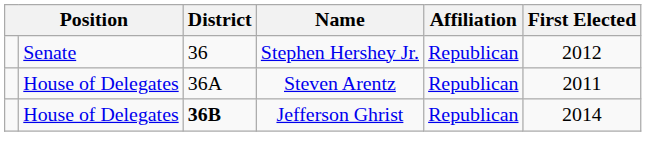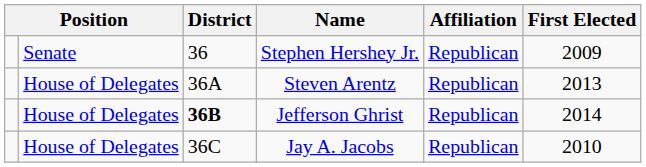 <table class="wikitable">
 <tr>
 <th colspan="2" style="text-align:center; vertical-align:bottom;">Position</th>
 <th>District</th>
 <th style="text-align:center;">Name</th>
 <th valign="bottom">Affiliation</th>
 <th style="vertical-align:bottom; text-align:center;">First Elected</th>
 </tr>
 <tr>
 <td style="background-color:"> </td>
 <td><a href='#'>Senate</a></td>
 <td>36</td>
 <td style="text-align:center;"><a href='#'>Stephen Hershey Jr.</a></td>
 <td style="text-align:center;"><a href='#'>Republican</a></td>
-<td style="text-align:center;">2012</td>
+<td style="text-align:center;">2009</td>
 </tr>
 <tr>
 <td style="background-color:"> </td>
 <td><a href='#'>House of Delegates</a></td>
 <td>36A</td>
 <td style="text-align:center;"><a href='#'>Steven Arentz</a></td>
 <td style="text-align:center;"><a href='#'>Republican</a></td>
-<td style="text-align:center;">2011</td>
+<td style="text-align:center;">2013</td>
 </tr>
 <tr>
 <td style="background-color:"> </td>
 <td><a href='#'>House of Delegates</a></td>
 <td><strong>36B</strong></td>
 <td style="text-align:center;"><a href='#'>Jefferson Ghrist</a></td>
 <td style="text-align:center;"><a href='#'>Republican</a></td>
 <td style="text-align:center;">2014</td>
 </tr>
+<tr>
+<td style="background-color:"> </td>
+<td><a href='#'>House of Delegates</a></td>
+<td>36C</td>
+<td style="text-align:center;"><a href='#'>Jay A. Jacobs</a></td>
+<td style="text-align:center;"><a href='#'>Republican</a></td>
+<td style="text-align:center;">2010</td>
+</tr>
 </table>
